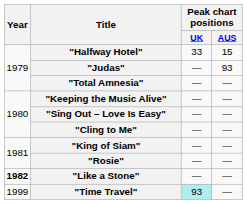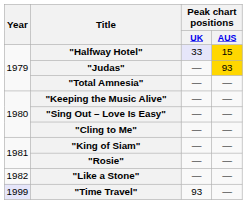 <table class="wikitable plainrowheaders" style="text-align:center;" border="1">
 <tr>
 <th scope="col" rowspan="2">Year</th>
 <th scope="col" rowspan="2" style="width:15em;">Title</th>
 <th scope="col" colspan="2">Peak chart positions</th>
 </tr>
 <tr>
 <th scope="col" style="width:3em; font-size:90%"><a href='#'>UK</a><br></th>
 <th scope="col" style="width:3em; font-size:90%"><a href='#'>AUS</a><br></th>
 </tr>
 <tr>
 <td rowspan="3">1979</td>
 <th scope="row">"Halfway Hotel"</th>
-<td>33</td>
-<td>15</td>
+<td style="background: lavender;">33</td>
+<td style="background: gold;">15</td>
 </tr>
 <tr>
 <th scope="row">"Judas"</th>
 <td>—</td>
-<td>93</td>
+<td style="background: gold;">93</td>
 </tr>
 <tr>
 <th scope="row">"Total Amnesia"</th>
 <td>—</td>
 <td>—</td>
 </tr>
 <tr>
 <td rowspan="3">1980</td>
 <th scope="row">"Keeping the Music Alive"</th>
 <td>—</td>
 <td>—</td>
 </tr>
 <tr>
 <th scope="row">"Sing Out – Love Is Easy"</th>
 <td>—</td>
 <td>—</td>
 </tr>
 <tr>
 <th scope="row">"Cling to Me"</th>
 <td>—</td>
 <td>—</td>
 </tr>
 <tr>
 <td rowspan="2">1981</td>
 <th scope="row">"King of Siam"</th>
 <td>—</td>
 <td>—</td>
 </tr>
 <tr>
 <th scope="row">"Rosie"</th>
 <td>—</td>
 <td>—</td>
 </tr>
 <tr>
-<td><strong>1982</strong></td>
+<td>1982</td>
 <th scope="row">"Like a Stone"</th>
 <td>—</td>
 <td>—</td>
 </tr>
 <tr>
-<td>1999</td>
+<td style="background: lavender;">1999</td>
 <th scope="row">"Time Travel"</th>
-<td style="background: paleturquoise;">93</td>
+<td>93</td>
 <td>—</td>
 </tr>
 </table>
